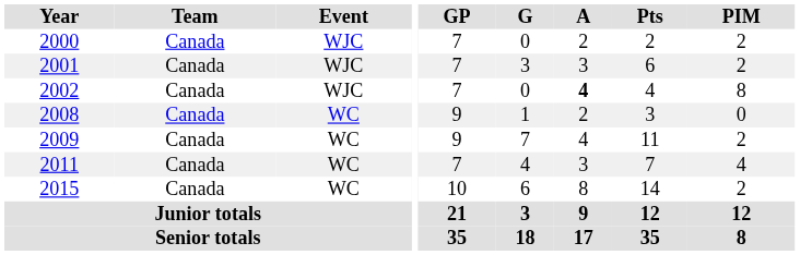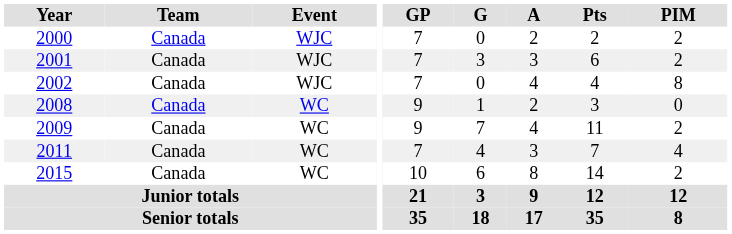 <table border="0" cellpadding="1" cellspacing="0" ID="Table3" style="text-align:center; width:40em">
 <tr bgcolor="#e0e0e0">
 <th>Year</th>
 <th>Team</th>
 <th>Event</th>
 <th rowspan="102" bgcolor="#ffffff"></th>
 <th>GP</th>
 <th>G</th>
 <th>A</th>
 <th>Pts</th>
 <th>PIM</th>
 </tr>
 <tr>
 <td><a href='#'>2000</a></td>
 <td><a href='#'>Canada</a></td>
 <td><a href='#'>WJC</a></td>
 <td>7</td>
 <td>0</td>
 <td>2</td>
 <td>2</td>
 <td>2</td>
 </tr>
 <tr bgcolor="#f0f0f0">
 <td><a href='#'>2001</a></td>
 <td>Canada</td>
 <td>WJC</td>
 <td>7</td>
 <td>3</td>
 <td>3</td>
 <td>6</td>
 <td>2</td>
 </tr>
 <tr>
 <td><a href='#'>2002</a></td>
 <td>Canada</td>
 <td>WJC</td>
 <td>7</td>
 <td>0</td>
-<td><strong>4</strong></td>
+<td>4</td>
 <td>4</td>
 <td>8</td>
 </tr>
 <tr bgcolor="#f0f0f0">
 <td><a href='#'>2008</a></td>
 <td><a href='#'>Canada</a></td>
 <td><a href='#'>WC</a></td>
 <td>9</td>
 <td>1</td>
 <td>2</td>
 <td>3</td>
 <td>0</td>
 </tr>
 <tr>
 <td><a href='#'>2009</a></td>
 <td>Canada</td>
 <td>WC</td>
 <td>9</td>
 <td>7</td>
 <td>4</td>
 <td>11</td>
 <td>2</td>
 </tr>
 <tr bgcolor="#f0f0f0">
 <td><a href='#'>2011</a></td>
 <td>Canada</td>
 <td>WC</td>
 <td>7</td>
 <td>4</td>
 <td>3</td>
 <td>7</td>
 <td>4</td>
 </tr>
 <tr>
 <td><a href='#'>2015</a></td>
 <td>Canada</td>
 <td>WC</td>
 <td>10</td>
 <td>6</td>
 <td>8</td>
 <td>14</td>
 <td>2</td>
 </tr>
 <tr bgcolor="#e0e0e0">
 <th colspan="3">Junior totals</th>
 <th>21</th>
 <th>3</th>
 <th>9</th>
 <th>12</th>
 <th>12</th>
 </tr>
 <tr bgcolor="#e0e0e0">
 <th colspan="3">Senior totals</th>
 <th>35</th>
 <th>18</th>
 <th>17</th>
 <th>35</th>
 <th>8</th>
 </tr>
 </table>
